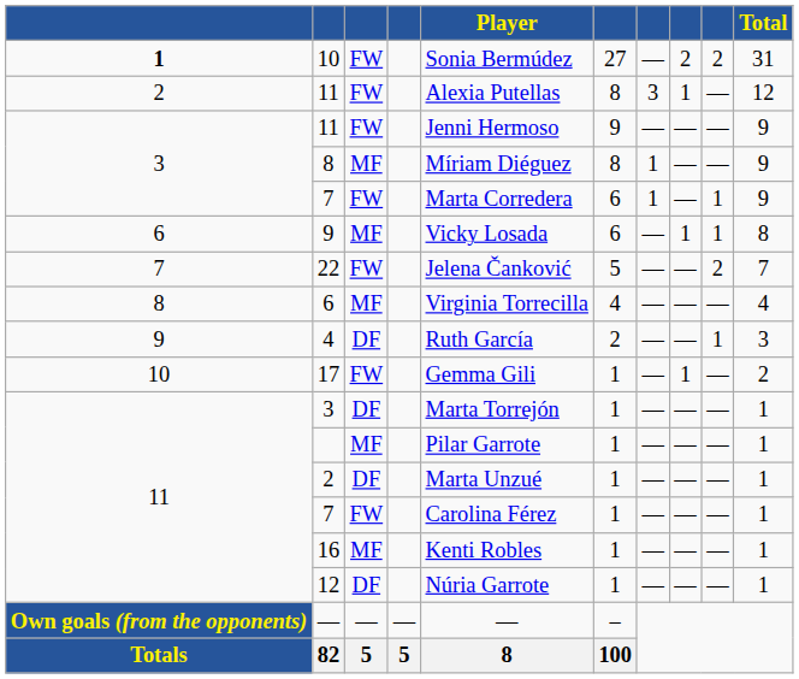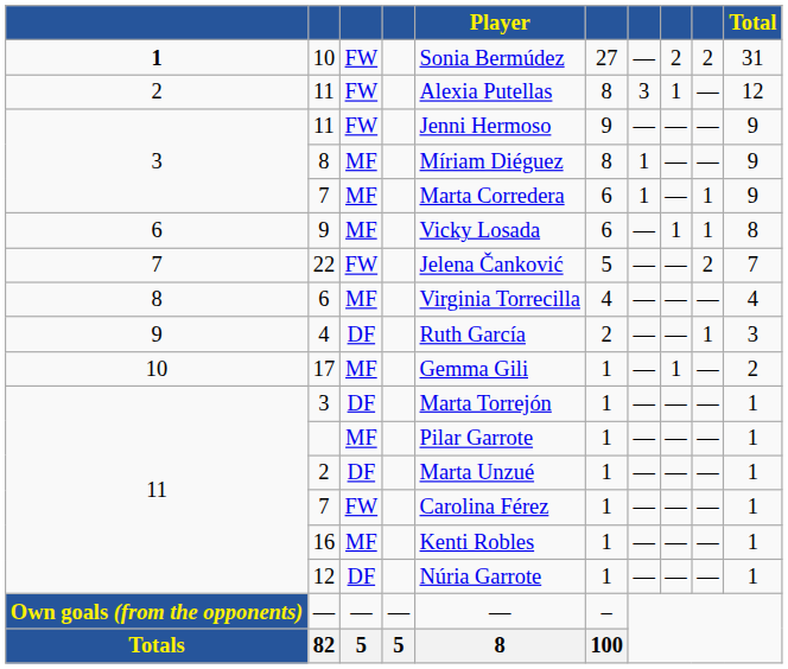 <table class="wikitable" style="text-align:center;">
 <tr>
 <th style="background:#26559B; color:#FFF000; "></th>
 <th style="background:#26559B; color:#FFF000; "></th>
 <th style="background:#26559B; color:#FFF000; "></th>
 <th style="background:#26559B; color:#FFF000; "></th>
 <th style="background:#26559B; color:#FFF000; ">Player</th>
 <th style="background:#26559B; color:#FFF000; "></th>
 <th style="background:#26559B; color:#FFF000; "></th>
 <th style="background:#26559B; color:#FFF000; "></th>
 <th style="background:#26559B; color:#FFF000; "></th>
 <th style="background:#26559B; color:#FFF000; ">Total</th>
 </tr>
 <tr>
 <td><strong>1</strong></td>
 <td>10</td>
 <td><a href='#'>FW</a></td>
 <td></td>
 <td align="left"><a href='#'>Sonia Bermúdez</a></td>
 <td>27</td>
 <td>—</td>
 <td>2</td>
 <td>2</td>
 <td>31</td>
 </tr>
 <tr>
 <td>2</td>
 <td>11</td>
 <td><a href='#'>FW</a></td>
 <td></td>
 <td align="left"><a href='#'>Alexia Putellas</a></td>
 <td>8</td>
 <td>3</td>
 <td>1</td>
 <td>—</td>
 <td>12</td>
 </tr>
 <tr>
 <td rowspan="3">3</td>
 <td>11</td>
 <td><a href='#'>FW</a></td>
 <td></td>
 <td align="left"><a href='#'>Jenni Hermoso</a></td>
 <td>9</td>
 <td>—</td>
 <td>—</td>
 <td>—</td>
 <td>9</td>
 </tr>
 <tr>
 <td>8</td>
 <td><a href='#'>MF</a></td>
 <td></td>
 <td align="left"><a href='#'>Míriam Diéguez</a></td>
 <td>8</td>
 <td>1</td>
 <td>—</td>
 <td>—</td>
 <td>9</td>
 </tr>
 <tr>
 <td>7</td>
-<td><a href='#'>FW</a></td>
+<td><a href='#'>MF</a></td>
 <td></td>
 <td align="left"><a href='#'>Marta Corredera</a></td>
 <td>6</td>
 <td>1</td>
 <td>—</td>
 <td>1</td>
 <td>9</td>
 </tr>
 <tr>
 <td>6</td>
 <td>9</td>
 <td><a href='#'>MF</a></td>
 <td></td>
 <td align="left"><a href='#'>Vicky Losada</a></td>
 <td>6</td>
 <td>—</td>
 <td>1</td>
 <td>1</td>
 <td>8</td>
 </tr>
 <tr>
 <td>7</td>
 <td>22</td>
 <td><a href='#'>FW</a></td>
 <td></td>
 <td align="left"><a href='#'>Jelena Čanković</a></td>
 <td>5</td>
 <td>—</td>
 <td>—</td>
 <td>2</td>
 <td>7</td>
 </tr>
 <tr>
 <td>8</td>
 <td>6</td>
 <td><a href='#'>MF</a></td>
 <td></td>
 <td align="left"><a href='#'>Virginia Torrecilla</a></td>
 <td>4</td>
 <td>—</td>
 <td>—</td>
 <td>—</td>
 <td>4</td>
 </tr>
 <tr>
 <td>9</td>
 <td>4</td>
 <td><a href='#'>DF</a></td>
 <td></td>
 <td align="left"><a href='#'>Ruth García</a></td>
 <td>2</td>
 <td>—</td>
 <td>—</td>
 <td>1</td>
 <td>3</td>
 </tr>
 <tr>
 <td>10</td>
 <td>17</td>
-<td><a href='#'>FW</a></td>
+<td><a href='#'>MF</a></td>
 <td></td>
 <td align="left"><a href='#'>Gemma Gili</a></td>
 <td>1</td>
 <td>—</td>
 <td>1</td>
 <td>—</td>
 <td>2</td>
 </tr>
 <tr>
 <td rowspan="6">11</td>
 <td>3</td>
 <td><a href='#'>DF</a></td>
 <td></td>
 <td align="left"><a href='#'>Marta Torrejón</a></td>
 <td>1</td>
 <td>—</td>
 <td>—</td>
 <td>—</td>
 <td>1</td>
 </tr>
 <tr>
 <td></td>
 <td><a href='#'>MF</a></td>
 <td></td>
 <td align="left"><a href='#'>Pilar Garrote</a></td>
 <td>1</td>
 <td>—</td>
 <td>—</td>
 <td>—</td>
 <td>1</td>
 </tr>
 <tr>
 <td>2</td>
 <td><a href='#'>DF</a></td>
 <td></td>
 <td align="left"><a href='#'>Marta Unzué</a></td>
 <td>1</td>
 <td>—</td>
 <td>—</td>
 <td>—</td>
 <td>1</td>
 </tr>
 <tr>
 <td>7</td>
 <td><a href='#'>FW</a></td>
 <td></td>
 <td align="left"><a href='#'>Carolina Férez</a></td>
 <td>1</td>
 <td>—</td>
 <td>—</td>
 <td>—</td>
 <td>1</td>
 </tr>
 <tr>
 <td>16</td>
 <td><a href='#'>MF</a></td>
 <td></td>
 <td align="left"><a href='#'>Kenti Robles</a></td>
 <td>1</td>
 <td>—</td>
 <td>—</td>
 <td>—</td>
 <td>1</td>
 </tr>
 <tr>
 <td>12</td>
 <td><a href='#'>DF</a></td>
 <td></td>
 <td align="left"><a href='#'>Núria Garrote</a></td>
 <td>1</td>
 <td>—</td>
 <td>—</td>
 <td>—</td>
 <td>1</td>
 </tr>
 <tr>
 <td style="background:#26559B; color:#FFF000; "><strong>Own goals <em>(from the opponents)<strong><em></td>
 <td>—</td>
 <td>—</td>
 <td>—</td>
 <td>—</td>
 <td>–</td>
 </tr>
 <tr>
 <th style="background:#26559B; color:#FFF000; "></strong>Totals<strong></th>
 <th>82</th>
 <th>5</th>
 <th>5</th>
 <th>8</th>
 <th>100</th>
 </tr>
 </table>
